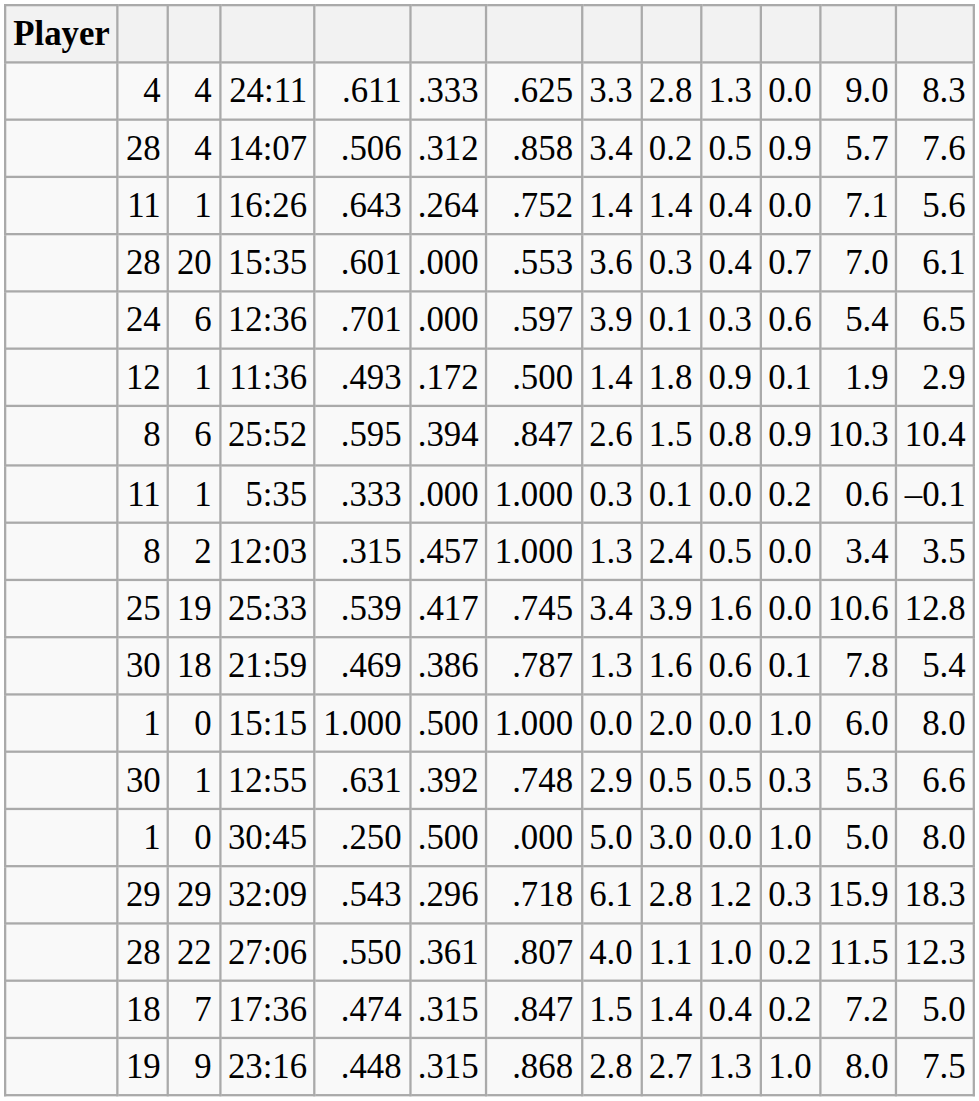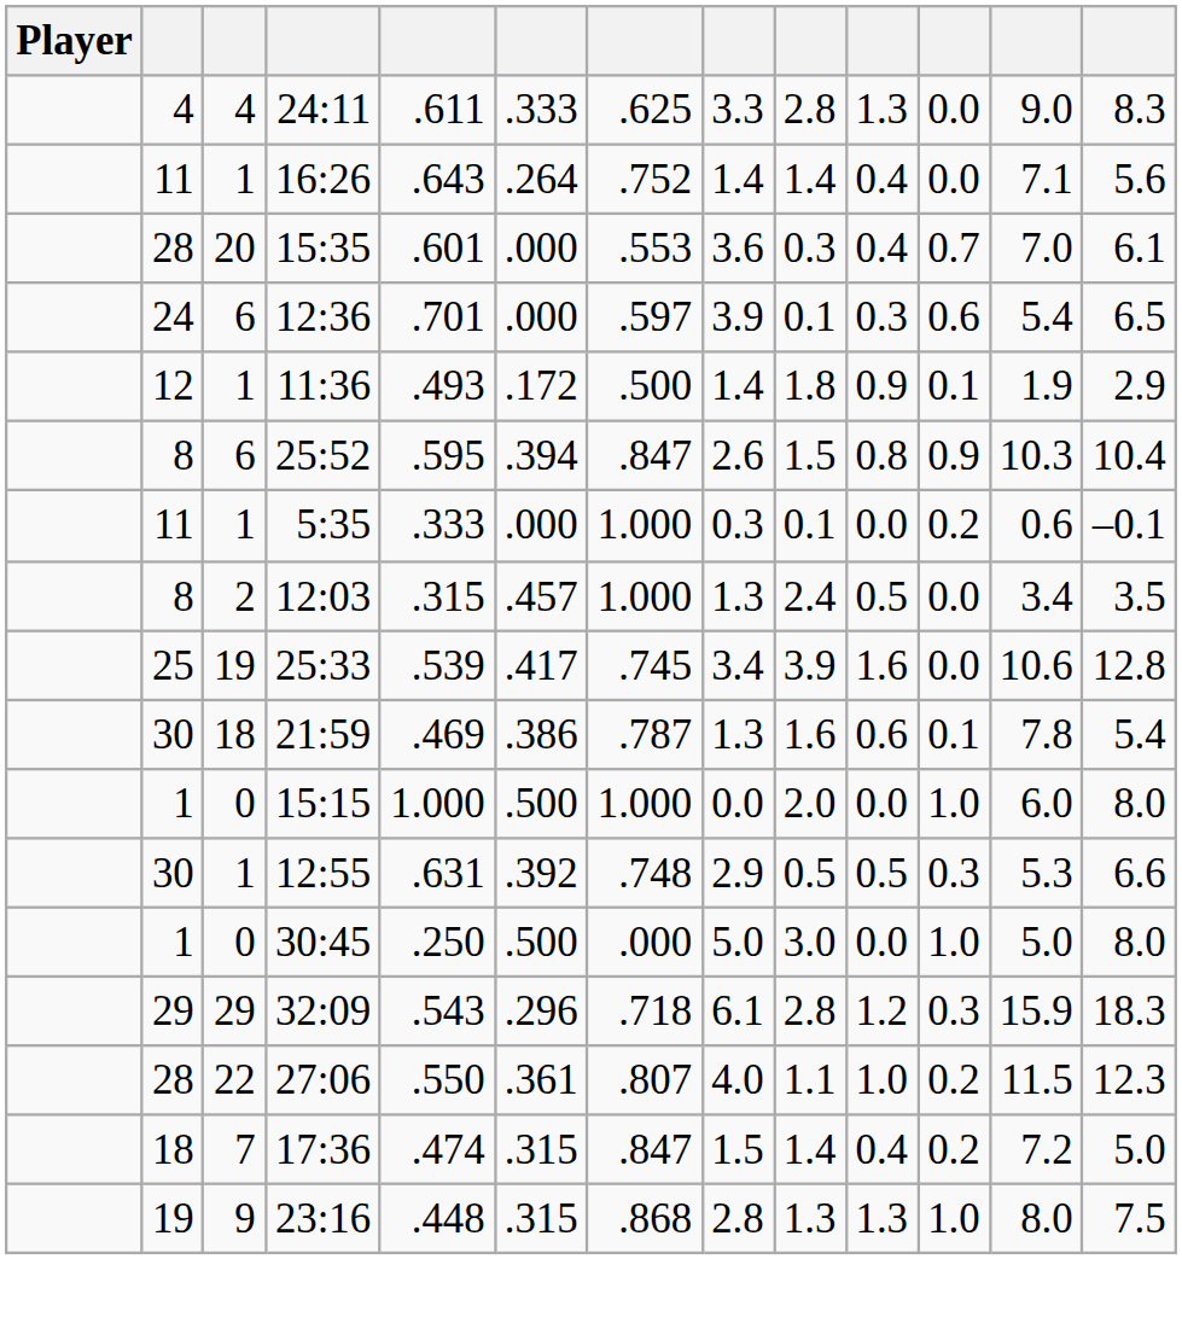 <table class="wikitable sortable" style="font-size:95%; text-align:right;">
 <tr>
 <th>Player</th>
 <th></th>
 <th></th>
 <th></th>
 <th></th>
 <th></th>
 <th></th>
 <th></th>
 <th></th>
 <th></th>
 <th></th>
 <th></th>
 <th></th>
 </tr>
 <tr>
 <td></td>
 <td>4</td>
 <td>4</td>
 <td>24:11</td>
 <td>.611</td>
 <td>.333</td>
 <td>.625</td>
 <td>3.3</td>
 <td>2.8</td>
 <td>1.3</td>
 <td>0.0</td>
 <td>9.0</td>
 <td>8.3</td>
-</tr>
-<tr>
-<td></td>
-<td>28</td>
-<td>4</td>
-<td>14:07</td>
-<td>.506</td>
-<td>.312</td>
-<td>.858</td>
-<td>3.4</td>
-<td>0.2</td>
-<td>0.5</td>
-<td>0.9</td>
-<td>5.7</td>
-<td>7.6</td>
 </tr>
 <tr>
 <td></td>
 <td>11</td>
 <td>1</td>
 <td>16:26</td>
 <td>.643</td>
 <td>.264</td>
 <td>.752</td>
 <td>1.4</td>
 <td>1.4</td>
 <td>0.4</td>
 <td>0.0</td>
 <td>7.1</td>
 <td>5.6</td>
 </tr>
 <tr>
 <td></td>
 <td>28</td>
 <td>20</td>
 <td>15:35</td>
 <td>.601</td>
 <td>.000</td>
 <td>.553</td>
 <td>3.6</td>
 <td>0.3</td>
 <td>0.4</td>
 <td>0.7</td>
 <td>7.0</td>
 <td>6.1</td>
 </tr>
 <tr>
 <td></td>
 <td>24</td>
 <td>6</td>
 <td>12:36</td>
 <td>.701</td>
 <td>.000</td>
 <td>.597</td>
 <td>3.9</td>
 <td>0.1</td>
 <td>0.3</td>
 <td>0.6</td>
 <td>5.4</td>
 <td>6.5</td>
 </tr>
 <tr>
 <td></td>
 <td>12</td>
 <td>1</td>
 <td>11:36</td>
 <td>.493</td>
 <td>.172</td>
 <td>.500</td>
 <td>1.4</td>
 <td>1.8</td>
 <td>0.9</td>
 <td>0.1</td>
 <td>1.9</td>
 <td>2.9</td>
 </tr>
 <tr>
 <td></td>
 <td>8</td>
 <td>6</td>
 <td>25:52</td>
 <td>.595</td>
 <td>.394</td>
 <td>.847</td>
 <td>2.6</td>
 <td>1.5</td>
 <td>0.8</td>
 <td>0.9</td>
 <td>10.3</td>
 <td>10.4</td>
 </tr>
 <tr>
 <td></td>
 <td>11</td>
 <td>1</td>
 <td>5:35</td>
 <td>.333</td>
 <td>.000</td>
 <td>1.000</td>
 <td>0.3</td>
 <td>0.1</td>
 <td>0.0</td>
 <td>0.2</td>
 <td>0.6</td>
 <td>–0.1</td>
 </tr>
 <tr>
 <td></td>
 <td>8</td>
 <td>2</td>
 <td>12:03</td>
 <td>.315</td>
 <td>.457</td>
 <td>1.000</td>
 <td>1.3</td>
 <td>2.4</td>
 <td>0.5</td>
 <td>0.0</td>
 <td>3.4</td>
 <td>3.5</td>
 </tr>
 <tr>
 <td></td>
 <td>25</td>
 <td>19</td>
 <td>25:33</td>
 <td>.539</td>
 <td>.417</td>
 <td>.745</td>
 <td>3.4</td>
 <td>3.9</td>
 <td>1.6</td>
 <td>0.0</td>
 <td>10.6</td>
 <td>12.8</td>
 </tr>
 <tr>
 <td></td>
 <td>30</td>
 <td>18</td>
 <td>21:59</td>
 <td>.469</td>
 <td>.386</td>
 <td>.787</td>
 <td>1.3</td>
 <td>1.6</td>
 <td>0.6</td>
 <td>0.1</td>
 <td>7.8</td>
 <td>5.4</td>
 </tr>
 <tr>
 <td></td>
 <td>1</td>
 <td>0</td>
 <td>15:15</td>
 <td>1.000</td>
 <td>.500</td>
 <td>1.000</td>
 <td>0.0</td>
 <td>2.0</td>
 <td>0.0</td>
 <td>1.0</td>
 <td>6.0</td>
 <td>8.0</td>
 </tr>
 <tr>
 <td></td>
 <td>30</td>
 <td>1</td>
 <td>12:55</td>
 <td>.631</td>
 <td>.392</td>
 <td>.748</td>
 <td>2.9</td>
 <td>0.5</td>
 <td>0.5</td>
 <td>0.3</td>
 <td>5.3</td>
 <td>6.6</td>
 </tr>
 <tr>
 <td></td>
 <td>1</td>
 <td>0</td>
 <td>30:45</td>
 <td>.250</td>
 <td>.500</td>
 <td>.000</td>
 <td>5.0</td>
 <td>3.0</td>
 <td>0.0</td>
 <td>1.0</td>
 <td>5.0</td>
 <td>8.0</td>
 </tr>
 <tr>
 <td></td>
 <td>29</td>
 <td>29</td>
 <td>32:09</td>
 <td>.543</td>
 <td>.296</td>
 <td>.718</td>
 <td>6.1</td>
 <td>2.8</td>
 <td>1.2</td>
 <td>0.3</td>
 <td>15.9</td>
 <td>18.3</td>
 </tr>
 <tr>
 <td></td>
 <td>28</td>
 <td>22</td>
 <td>27:06</td>
 <td>.550</td>
 <td>.361</td>
 <td>.807</td>
 <td>4.0</td>
 <td>1.1</td>
 <td>1.0</td>
 <td>0.2</td>
 <td>11.5</td>
 <td>12.3</td>
 </tr>
 <tr>
 <td></td>
 <td>18</td>
 <td>7</td>
 <td>17:36</td>
 <td>.474</td>
 <td>.315</td>
 <td>.847</td>
 <td>1.5</td>
 <td>1.4</td>
 <td>0.4</td>
 <td>0.2</td>
 <td>7.2</td>
 <td>5.0</td>
 </tr>
 <tr>
 <td></td>
 <td>19</td>
 <td>9</td>
 <td>23:16</td>
 <td>.448</td>
 <td>.315</td>
 <td>.868</td>
 <td>2.8</td>
-<td>2.7</td>
+<td>1.3</td>
 <td>1.3</td>
 <td>1.0</td>
 <td>8.0</td>
 <td>7.5</td>
 </tr>
 </table>
